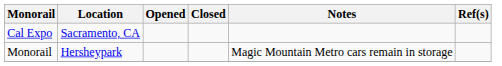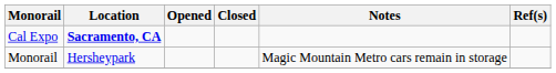 <table class="wikitable sortable">
 <tr>
 <th>Monorail</th>
 <th>Location</th>
 <th>Opened</th>
 <th>Closed</th>
 <th class="unsortable">Notes</th>
 <th class="unsortable">Ref(s)</th>
 </tr>
 <tr>
 <td><a href='#'>Cal Expo</a></td>
-<td><a href='#'>Sacramento, CA</a></td>
+<td><strong><a href='#'>Sacramento, CA</a></strong></td>
 <td></td>
 <td></td>
 <td></td>
 <td></td>
 </tr>
 <tr>
 <td>Monorail</td>
 <td><a href='#'>Hersheypark</a></td>
 <td></td>
 <td></td>
 <td>Magic Mountain Metro cars remain in storage</td>
 <td></td>
 </tr>
 <tr>
 </tr>
 </table>
